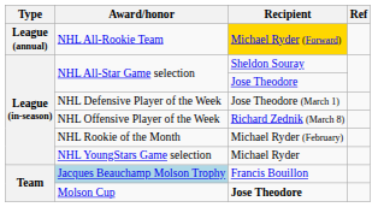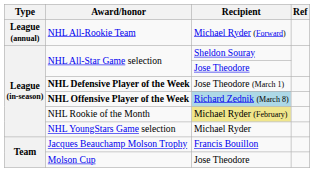 <table class="wikitable">
 <tr>
 <th scope="col">Type</th>
 <th scope="col">Award/honor</th>
 <th scope="col">Recipient</th>
 <th scope="col">Ref</th>
 </tr>
 <tr>
 <th scope="row">League<br><small>(annual)</small></th>
 <td><a href='#'>NHL All-Rookie Team</a></td>
-<td style="background: gold;"><a href='#'>Michael Ryder</a> <small>(<a href='#'>Forward</a>)</small></td>
+<td><a href='#'>Michael Ryder</a> <small>(<a href='#'>Forward</a>)</small></td>
 <td></td>
 </tr>
 <tr>
 <th scope="row" rowspan="6">League<br><small>(in-season)</small></th>
 <td rowspan="2"><a href='#'>NHL All-Star Game</a> selection</td>
 <td><a href='#'>Sheldon Souray</a></td>
 <td rowspan="2"></td>
 </tr>
 <tr>
 <td><a href='#'>Jose Theodore</a></td>
 </tr>
 <tr>
-<td>NHL Defensive Player of the Week</td>
+<td><strong>NHL Defensive Player of the Week</strong></td>
 <td>Jose Theodore <small>(March 1)</small></td>
 <td></td>
 </tr>
 <tr>
-<td>NHL Offensive Player of the Week</td>
-<td><a href='#'>Richard Zednik</a> <small>(March 8)</small></td>
+<td><strong>NHL Offensive Player of the Week</strong></td>
+<td style="background: lightblue;"><a href='#'>Richard Zednik</a> <small>(March 8)</small></td>
 <td></td>
 </tr>
 <tr>
 <td>NHL Rookie of the Month</td>
-<td>Michael Ryder <small>(February)</small></td>
+<td style="background: khaki;">Michael Ryder <small>(February)</small></td>
 <td></td>
 </tr>
 <tr>
 <td><a href='#'>NHL YoungStars Game</a> selection</td>
 <td>Michael Ryder</td>
 <td></td>
 </tr>
 <tr>
 <th scope="row" rowspan="5">Team</th>
-<td style="background: lightblue;"><a href='#'>Jacques Beauchamp Molson Trophy</a></td>
+<td><a href='#'>Jacques Beauchamp Molson Trophy</a></td>
 <td><a href='#'>Francis Bouillon</a></td>
 <td></td>
 </tr>
 <tr>
 <td><a href='#'>Molson Cup</a></td>
-<td><strong>Jose Theodore</strong></td>
+<td>Jose Theodore</td>
 <td></td>
 </tr>
 </table>
